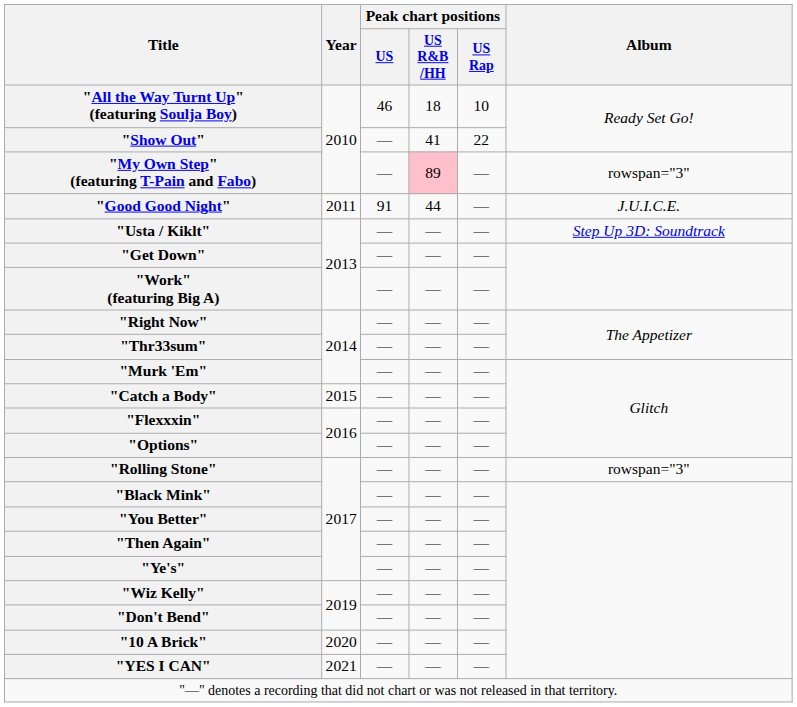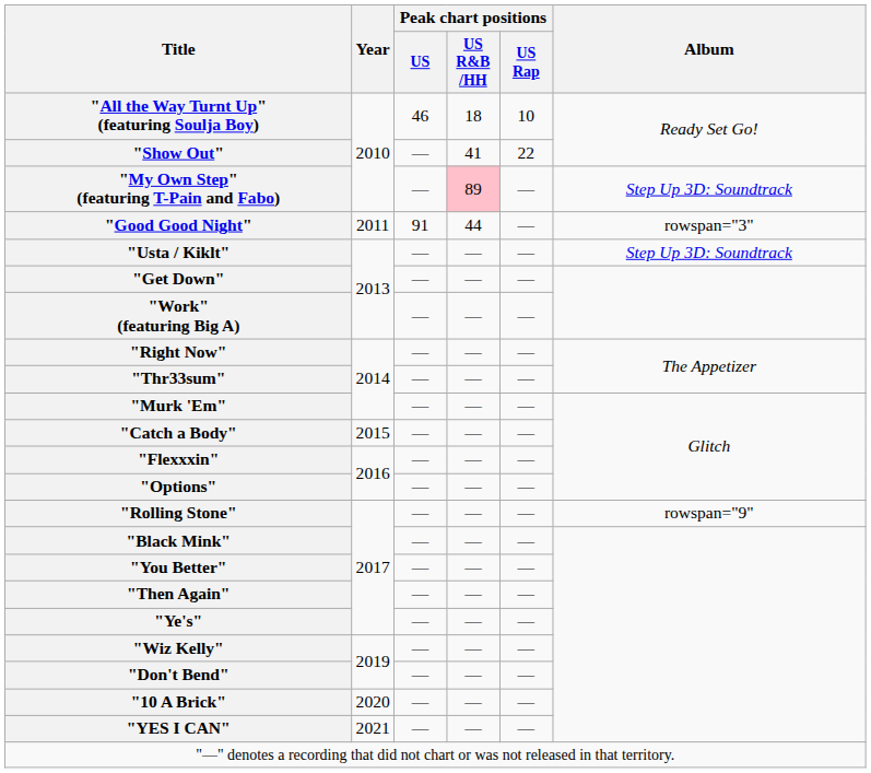 <table class="wikitable plainrowheaders" style="text-align:center;" border="1">
 <tr>
 <th scope="col" rowspan="2" style="width:20em;">Title</th>
 <th scope="col" rowspan="2" style="width:1em;">Year</th>
 <th scope="col" colspan="3">Peak chart positions</th>
 <th scope="col" rowspan="2" style="width:18em;">Album</th>
 </tr>
 <tr>
 <th scope="col" style="width:3em;font-size:90%;"><a href='#'>US</a><br></th>
 <th scope="col" style="width:3em;font-size:90%;"><a href='#'>US<br>R&B<br>/HH</a><br></th>
 <th scope="col" style="width:3em;font-size:90%;"><a href='#'>US<br>Rap</a><br></th>
 </tr>
 <tr>
 <th scope="row">"<a href='#'>All the Way Turnt Up</a>" <br> <span>(featuring <a href='#'>Soulja Boy</a>)</span></th>
 <td rowspan="3">2010</td>
 <td>46</td>
 <td>18</td>
 <td>10</td>
 <td rowspan="2"><em>Ready Set Go!</em></td>
 </tr>
 <tr>
 <th scope="row">"<a href='#'>Show Out</a>"</th>
 <td>—</td>
 <td>41</td>
 <td>22</td>
 </tr>
 <tr>
 <th scope="row">"<a href='#'>My Own Step</a>" <br> <span>(featuring <a href='#'>T-Pain</a> and <a href='#'>Fabo</a>)</span></th>
 <td>—</td>
 <td style="background: pink;">89</td>
 <td>—</td>
-<td>rowspan="3" </td>
+<td><em><a href='#'>Step Up 3D: Soundtrack</a></em></td>
 </tr>
 <tr>
 <th scope="row">"<a href='#'>Good Good Night</a>"</th>
 <td>2011</td>
 <td>91</td>
 <td>44</td>
 <td>—</td>
-<td><em>J.U.I.C.E.</em></td>
+<td>rowspan="3" </td>
 </tr>
 <tr>
 <th scope="row">"Usta / Kiklt"</th>
 <td rowspan="3">2013</td>
 <td>—</td>
 <td>—</td>
 <td>—</td>
 <td><em><a href='#'>Step Up 3D: Soundtrack</a></em></td>
 </tr>
 <tr>
 <th scope="row">"Get Down"</th>
 <td>—</td>
 <td>—</td>
 <td>—</td>
 </tr>
 <tr>
 <th scope="row">"Work"<br> <span>(featuring Big A)</span></th>
 <td>—</td>
 <td>—</td>
 <td>—</td>
 </tr>
 <tr>
 <th scope="row">"Right Now"</th>
 <td rowspan="3">2014</td>
 <td>—</td>
 <td>—</td>
 <td>—</td>
 <td rowspan="2"><em>The Appetizer</em></td>
 </tr>
 <tr>
 <th scope="row">"Thr33sum"</th>
 <td>—</td>
 <td>—</td>
 <td>—</td>
 </tr>
 <tr>
 <th scope="row">"Murk 'Em"</th>
 <td>—</td>
 <td>—</td>
 <td>—</td>
 <td rowspan="4"><em>Glitch</em></td>
 </tr>
 <tr>
 <th scope="row">"Catch a Body"</th>
 <td>2015</td>
 <td>—</td>
 <td>—</td>
 <td>—</td>
 </tr>
 <tr>
 <th scope="row">"Flexxxin"</th>
 <td rowspan="2">2016</td>
 <td>—</td>
 <td>—</td>
 <td>—</td>
 </tr>
 <tr>
 <th scope="row">"Options"</th>
 <td>—</td>
 <td>—</td>
 <td>—</td>
 </tr>
 <tr>
 <th scope="row">"Rolling Stone"</th>
 <td rowspan="5">2017</td>
 <td>—</td>
 <td>—</td>
 <td>—</td>
-<td>rowspan="3" </td>
+<td>rowspan="9" </td>
 </tr>
 <tr>
 <th scope="row">"Black Mink"</th>
 <td>—</td>
 <td>—</td>
 <td>—</td>
 </tr>
 <tr>
 <th scope="row">"You Better"</th>
 <td>—</td>
 <td>—</td>
 <td>—</td>
 </tr>
 <tr>
 <th scope="row">"Then Again"</th>
 <td>—</td>
 <td>—</td>
 <td>—</td>
 </tr>
 <tr>
 <th scope="row">"Ye's"</th>
 <td>—</td>
 <td>—</td>
 <td>—</td>
 </tr>
 <tr>
 <th scope="row">"Wiz Kelly"</th>
 <td rowspan="2">2019</td>
 <td>—</td>
 <td>—</td>
 <td>—</td>
 </tr>
 <tr>
 <th scope="row">"Don't Bend"</th>
 <td>—</td>
 <td>—</td>
 <td>—</td>
 </tr>
 <tr>
 <th scope="row">"10 A Brick"</th>
 <td>2020</td>
 <td>—</td>
 <td>—</td>
 <td>—</td>
 </tr>
 <tr>
 <th scope="row">"YES I CAN" </th>
 <td>2021</td>
 <td>—</td>
 <td>—</td>
 <td>—</td>
 </tr>
 <tr>
 <td colspan="6" style="font-size:90%">"—" denotes a recording that did not chart or was not released in that territory.</td>
 </tr>
 </table>
